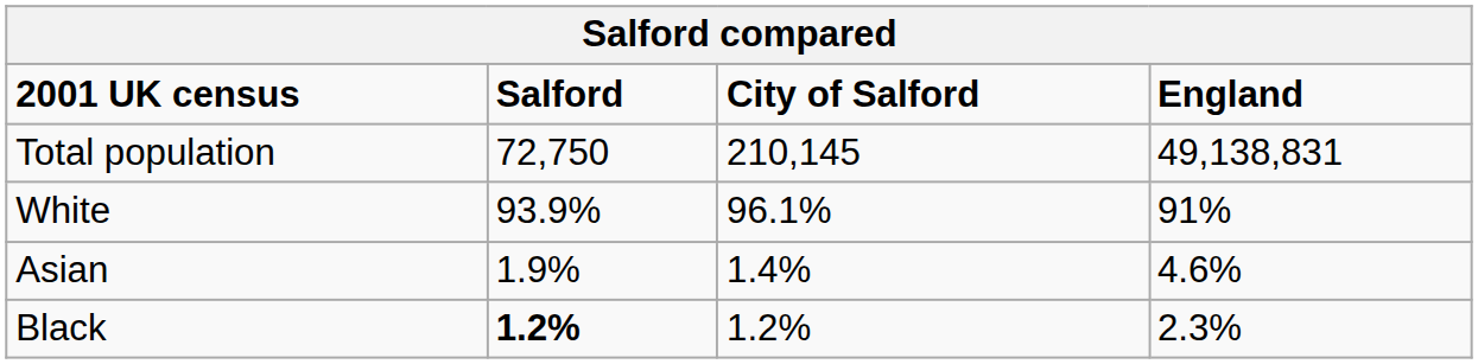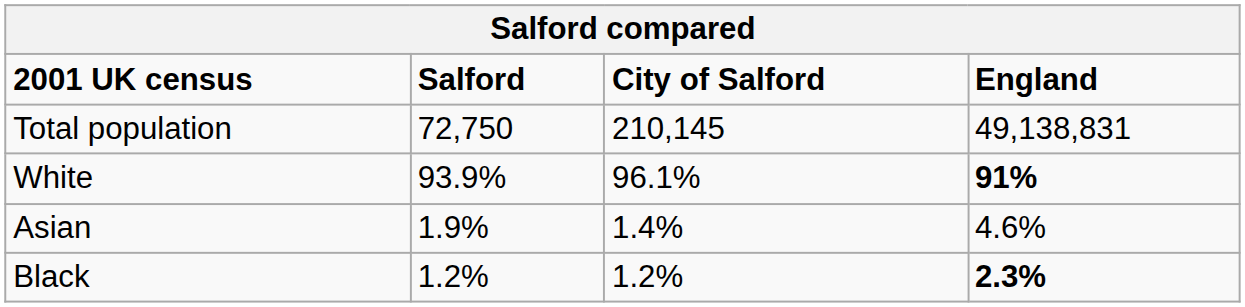 <table class="wikitable" style="float: right; margin-left: 2em; width: 40%;" cellspacing="3">
 <tr>
 <th colspan="4"><strong>Salford compared</strong></th>
 </tr>
 <tr>
 <td><strong>2001 UK census</strong></td>
 <td><strong>Salford</strong></td>
 <td><strong>City of Salford</strong></td>
 <td><strong>England</strong></td>
 </tr>
 <tr>
 <td>Total population</td>
 <td>72,750</td>
 <td>210,145</td>
 <td>49,138,831</td>
 </tr>
 <tr>
 <td>White</td>
 <td>93.9%</td>
 <td>96.1%</td>
-<td>91%</td>
+<td><strong>91%</strong></td>
 </tr>
 <tr>
 <td>Asian</td>
 <td>1.9%</td>
 <td>1.4%</td>
 <td>4.6%</td>
 </tr>
 <tr>
 <td>Black</td>
-<td><strong>1.2%</strong></td>
 <td>1.2%</td>
-<td>2.3%</td>
+<td>1.2%</td>
+<td><strong>2.3%</strong></td>
 </tr>
 </table>
